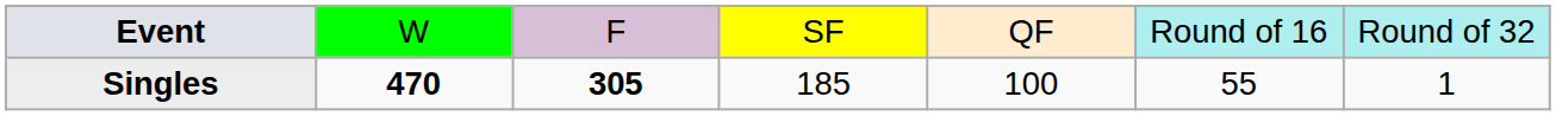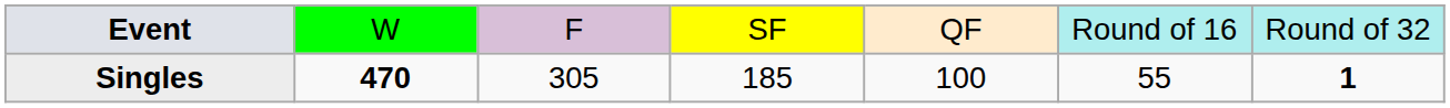 <table class=wikitable style=font-size:90%;text-align:center>
 <tr>
 <td style="width:130px; background:#dfe2e9;"><strong>Event</strong></td>
 <td style="width:80px; background:lime;">W</td>
 <td style="width:85px; background:thistle;">F</td>
 <td style="width:85px; background:#ff0;">SF</td>
 <td style="width:85px; background:#ffebcd;">QF</td>
 <td style="width:85px; background:#afeeee;">Round of 16</td>
 <td style="width:85px; background:#afeeee;">Round of 32</td>
 </tr>
 <tr>
 <th style="background:#ededed;">Singles</th>
 <td rowspan=1><strong>470</strong></td>
-<td rowspan=1><strong>305</strong></td>
+<td rowspan=1>305</td>
 <td rowspan=1>185</td>
 <td rowspan=1>100</td>
 <td rowspan=1>55</td>
-<td>1</td>
+<td><strong>1</strong></td>
 </tr>
 </table>
